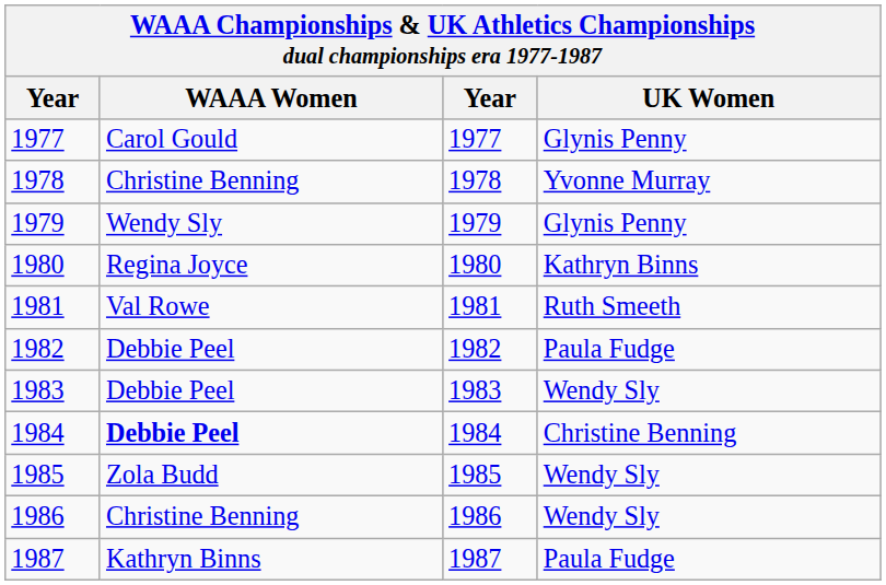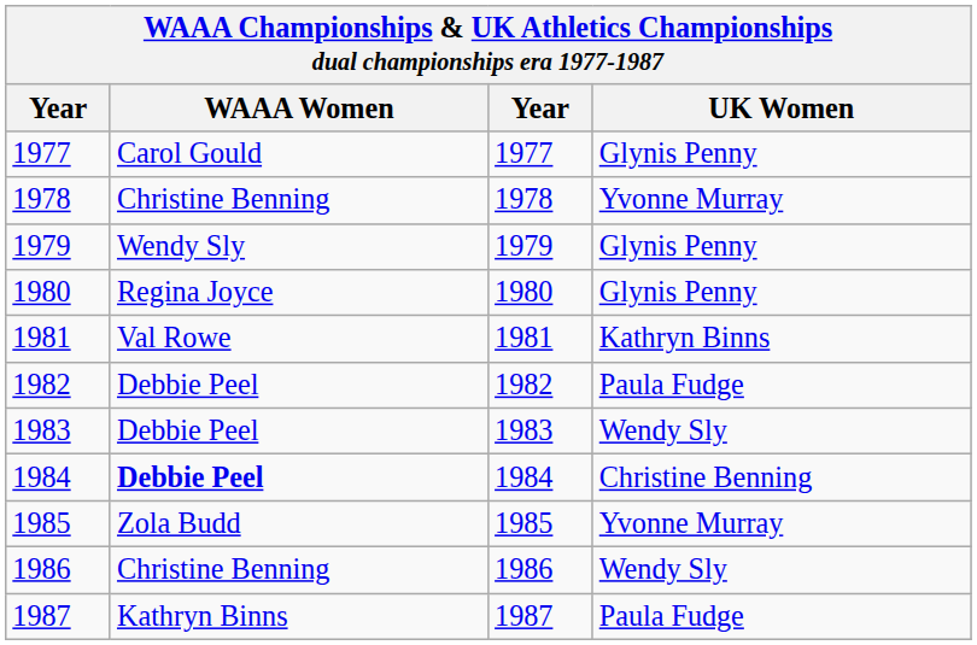 <table class="wikitable">
 <tr>
 <th colspan="4"><a href='#'>WAAA Championships</a> & <a href='#'>UK Athletics Championships</a><br><em><small>dual championships era 1977-1987</small></em></th>
 </tr>
 <tr>
 <th width=50>Year</th>
 <th width=200>WAAA Women</th>
 <th width=50>Year</th>
 <th width=200>UK Women</th>
 </tr>
 <tr>
 <td><a href='#'>1977</a></td>
 <td><a href='#'>Carol Gould</a></td>
 <td><a href='#'>1977</a></td>
 <td><a href='#'>Glynis Penny</a></td>
 </tr>
 <tr>
 <td><a href='#'>1978</a></td>
 <td><a href='#'>Christine Benning</a></td>
 <td><a href='#'>1978</a></td>
 <td><a href='#'>Yvonne Murray</a></td>
 </tr>
 <tr>
 <td><a href='#'>1979</a></td>
 <td><a href='#'>Wendy Sly</a></td>
 <td><a href='#'>1979</a></td>
 <td><a href='#'>Glynis Penny</a></td>
 </tr>
 <tr>
 <td><a href='#'>1980</a></td>
 <td><a href='#'>Regina Joyce</a></td>
 <td><a href='#'>1980</a></td>
-<td><a href='#'>Kathryn Binns</a></td>
+<td><a href='#'>Glynis Penny</a></td>
 </tr>
 <tr>
 <td><a href='#'>1981</a></td>
 <td><a href='#'>Val Rowe</a></td>
 <td><a href='#'>1981</a></td>
-<td><a href='#'>Ruth Smeeth</a></td>
+<td><a href='#'>Kathryn Binns</a></td>
 </tr>
 <tr>
 <td><a href='#'>1982</a></td>
 <td><a href='#'>Debbie Peel</a></td>
 <td><a href='#'>1982</a></td>
 <td><a href='#'>Paula Fudge</a></td>
 </tr>
 <tr>
 <td><a href='#'>1983</a></td>
 <td><a href='#'>Debbie Peel</a></td>
 <td><a href='#'>1983</a></td>
 <td><a href='#'>Wendy Sly</a></td>
 </tr>
 <tr>
 <td><a href='#'>1984</a></td>
 <td><strong><a href='#'>Debbie Peel</a></strong></td>
 <td><a href='#'>1984</a></td>
 <td><a href='#'>Christine Benning</a></td>
 </tr>
 <tr>
 <td><a href='#'>1985</a></td>
 <td><a href='#'>Zola Budd</a></td>
 <td><a href='#'>1985</a></td>
-<td><a href='#'>Wendy Sly</a></td>
+<td><a href='#'>Yvonne Murray</a></td>
 </tr>
 <tr>
 <td><a href='#'>1986</a></td>
 <td><a href='#'>Christine Benning</a></td>
 <td><a href='#'>1986</a></td>
 <td><a href='#'>Wendy Sly</a></td>
 </tr>
 <tr>
 <td><a href='#'>1987</a></td>
 <td><a href='#'>Kathryn Binns</a></td>
 <td><a href='#'>1987</a></td>
 <td><a href='#'>Paula Fudge</a></td>
 </tr>
 </table>
